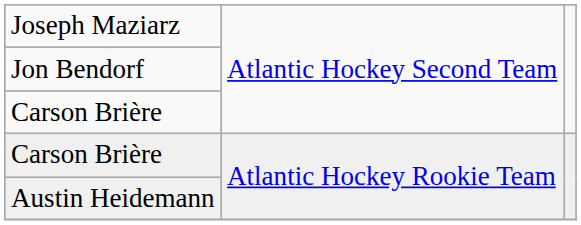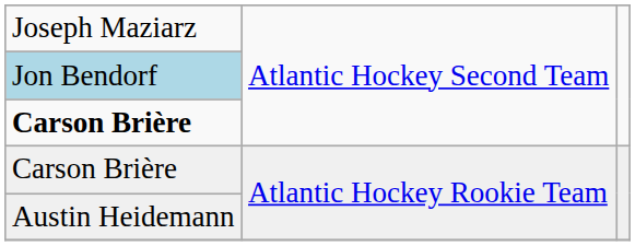 <table class="wikitable">
 <tr>
 <td>Joseph Maziarz</td>
 <td rowspan=3><a href='#'>Atlantic Hockey Second Team</a></td>
 <td rowspan=3></td>
 </tr>
 <tr>
-<td>Jon Bendorf</td>
+<td style="background: lightblue;">Jon Bendorf</td>
 </tr>
 <tr>
-<td>Carson Brière</td>
+<td><strong>Carson Brière</strong></td>
 </tr>
 <tr bgcolor=f0f0f0>
 <td>Carson Brière</td>
 <td rowspan=2><a href='#'>Atlantic Hockey Rookie Team</a></td>
 <td rowspan=2></td>
 </tr>
 <tr bgcolor=f0f0f0>
 <td>Austin Heidemann</td>
 </tr>
 <tr>
 </tr>
 </table>
